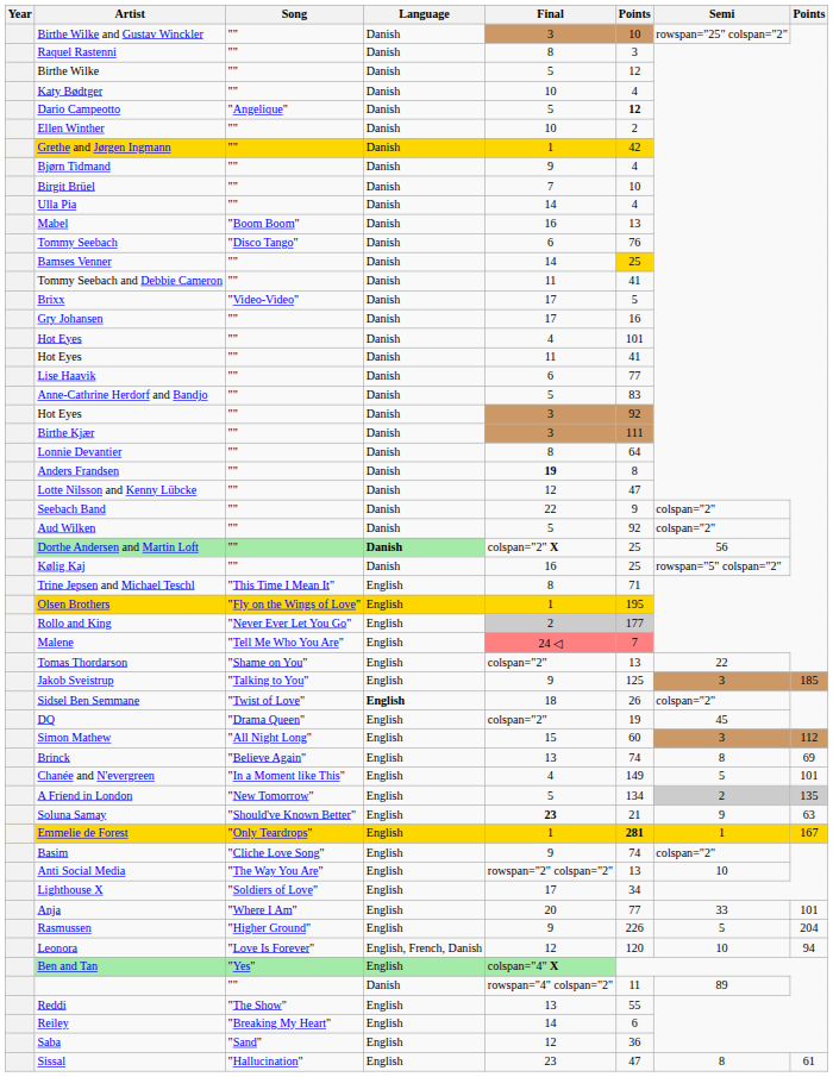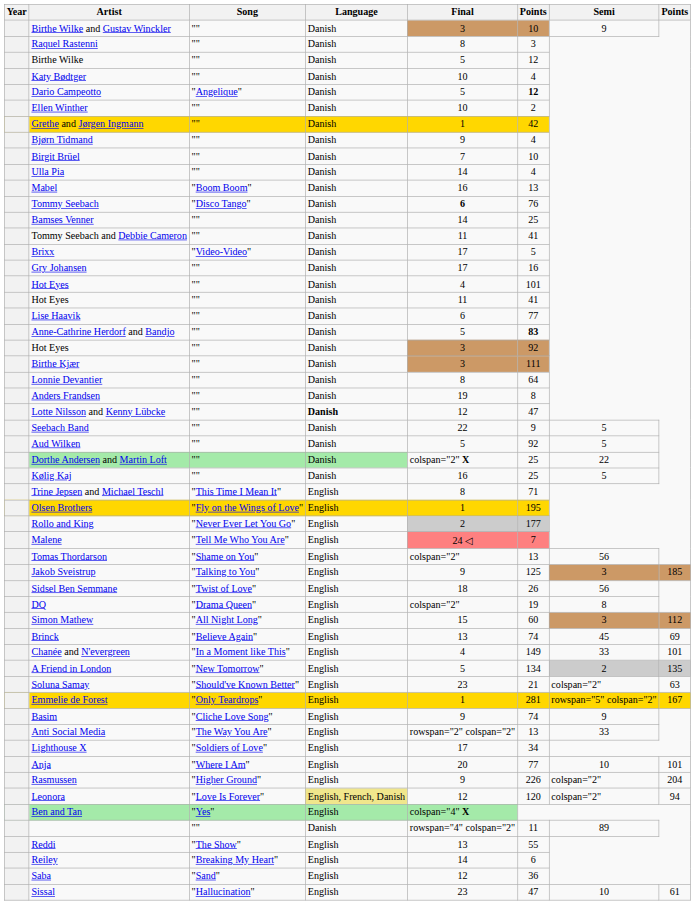 <table class="wikitable sortable plainrowheaders">
 <tr>
 <th scope="col">Year</th>
 <th scope="col">Artist</th>
 <th scope="col">Song</th>
 <th scope="col">Language</th>
 <th scope="col" data-sort-type="number">Final</th>
 <th scope="col" data-sort-type="number">Points</th>
 <th scope="col" data-sort-type="number">Semi</th>
 <th scope="col" data-sort-type="number">Points</th>
 </tr>
 <tr>
 <th scope="row" style="text-align:center;"></th>
 <td><a href='#'>Birthe Wilke</a> and <a href='#'>Gustav Winckler</a></td>
 <td>""</td>
 <td>Danish</td>
 <td style="text-align:center; background-color:#C96;">3</td>
 <td style="text-align:center; background-color:#C96;">10</td>
-<td>rowspan="25" colspan="2" </td>
+<td style="text-align:center;">9</td>
 </tr>
 <tr>
 <th scope="row" style="text-align:center;"></th>
 <td><a href='#'>Raquel Rastenni</a></td>
 <td>""</td>
 <td>Danish</td>
 <td style="text-align:center;">8</td>
 <td style="text-align:center;">3</td>
 </tr>
 <tr>
 <th scope="row" style="text-align:center;"></th>
 <td>Birthe Wilke</td>
 <td>""</td>
 <td>Danish</td>
 <td style="text-align:center;">5</td>
 <td style="text-align:center;">12</td>
 </tr>
 <tr>
 <th scope="row" style="text-align:center;"></th>
 <td><a href='#'>Katy Bødtger</a></td>
 <td>""</td>
 <td>Danish</td>
 <td style="text-align:center;">10</td>
 <td style="text-align:center;">4</td>
 </tr>
 <tr>
 <th scope="row" style="text-align:center;"></th>
 <td><a href='#'>Dario Campeotto</a></td>
 <td>"<a href='#'>Angelique</a>"</td>
 <td>Danish</td>
 <td style="text-align:center;">5</td>
 <td style="text-align:center;"><strong>12</strong></td>
 </tr>
 <tr>
 <th scope="row" style="text-align:center;"></th>
 <td><a href='#'>Ellen Winther</a></td>
 <td>""</td>
 <td>Danish</td>
 <td style="text-align:center;">10</td>
 <td style="text-align:center;">2</td>
 </tr>
 <tr style="background-color:#FFD700;">
 <th scope="row" style="text-align:center;"></th>
 <td><a href='#'>Grethe</a> and <a href='#'>Jørgen Ingmann</a></td>
 <td>""</td>
 <td>Danish</td>
 <td style="text-align:center;">1</td>
 <td style="text-align:center;">42</td>
 </tr>
 <tr>
 <th scope="row" style="text-align:center;"></th>
 <td><a href='#'>Bjørn Tidmand</a></td>
 <td>""</td>
 <td>Danish</td>
 <td style="text-align:center;">9</td>
 <td style="text-align:center;">4</td>
 </tr>
 <tr>
 <th scope="row" style="text-align:center;"></th>
 <td><a href='#'>Birgit Brüel</a></td>
 <td>""</td>
 <td>Danish</td>
 <td style="text-align:center;">7</td>
 <td style="text-align:center;">10</td>
 </tr>
 <tr>
 <th scope="row" style="text-align:center;"></th>
 <td><a href='#'>Ulla Pia</a></td>
 <td>"<span>"</span></td>
 <td>Danish</td>
 <td style="text-align:center;">14</td>
 <td style="text-align:center;">4</td>
 </tr>
 <tr>
 <th scope="row" style="text-align:center;"></th>
 <td><a href='#'>Mabel</a></td>
 <td>"<a href='#'>Boom Boom</a>"</td>
 <td>Danish</td>
 <td style="text-align:center;">16</td>
 <td style="text-align:center;">13</td>
 </tr>
 <tr>
 <th scope="row" style="text-align:center;"></th>
 <td><a href='#'>Tommy Seebach</a></td>
 <td>"<a href='#'>Disco Tango</a>"</td>
 <td>Danish</td>
-<td style="text-align:center;">6</td>
+<td style="text-align:center;"><strong>6</strong></td>
 <td style="text-align:center;">76</td>
 </tr>
 <tr>
 <th scope="row" style="text-align:center;"></th>
 <td><a href='#'>Bamses Venner</a></td>
 <td>""</td>
 <td>Danish</td>
 <td style="text-align:center;">14</td>
-<td style="background: gold; text-align:center;">25</td>
+<td style="text-align:center;">25</td>
 </tr>
 <tr>
 <th scope="row" style="text-align:center;"></th>
 <td>Tommy Seebach and <a href='#'>Debbie Cameron</a></td>
 <td>""</td>
 <td>Danish</td>
 <td style="text-align:center;">11</td>
 <td style="text-align:center;">41</td>
 </tr>
 <tr>
 <th scope="row" style="text-align:center;"></th>
 <td><a href='#'>Brixx</a></td>
 <td>"<a href='#'>Video-Video</a>"</td>
 <td>Danish</td>
 <td style="text-align:center;">17</td>
 <td style="text-align:center;">5</td>
 </tr>
 <tr>
 <th scope="row" style="text-align:center;"></th>
 <td><a href='#'>Gry Johansen</a></td>
 <td>""</td>
 <td>Danish</td>
 <td style="text-align:center;">17</td>
 <td style="text-align:center;">16</td>
 </tr>
 <tr>
 <th scope="row" style="text-align:center;"></th>
 <td><a href='#'>Hot Eyes</a></td>
 <td>""</td>
 <td>Danish</td>
 <td style="text-align:center;">4</td>
 <td style="text-align:center;">101</td>
 </tr>
 <tr>
 <th scope="row" style="text-align:center;"></th>
 <td>Hot Eyes</td>
 <td>""</td>
 <td>Danish</td>
 <td style="text-align:center;">11</td>
 <td style="text-align:center;">41</td>
 </tr>
 <tr>
 <th scope="row" style="text-align:center;"></th>
 <td><a href='#'>Lise Haavik</a></td>
 <td>""</td>
 <td>Danish</td>
 <td style="text-align:center;">6</td>
 <td style="text-align:center;">77</td>
 </tr>
 <tr>
 <th scope="row" style="text-align:center;"></th>
 <td><a href='#'>Anne-Cathrine Herdorf</a> and <a href='#'>Bandjo</a></td>
 <td>""</td>
 <td>Danish</td>
 <td style="text-align:center;">5</td>
-<td style="text-align:center;">83</td>
+<td style="text-align:center;"><strong>83</strong></td>
 </tr>
 <tr>
 <th scope="row" style="text-align:center;"></th>
 <td>Hot Eyes</td>
 <td>"<span>"</span></td>
 <td>Danish</td>
 <td style="text-align:center; background-color:#C96;">3</td>
 <td style="text-align:center; background-color:#C96;">92</td>
 </tr>
 <tr>
 <th scope="row" style="text-align:center;"></th>
 <td><a href='#'>Birthe Kjær</a></td>
 <td>""</td>
 <td>Danish</td>
 <td style="text-align:center; background-color:#C96;">3</td>
 <td style="text-align:center; background-color:#C96;">111</td>
 </tr>
 <tr>
 <th scope="row" style="text-align:center;"></th>
 <td><a href='#'>Lonnie Devantier</a></td>
 <td>""</td>
 <td>Danish</td>
 <td style="text-align:center;">8</td>
 <td style="text-align:center;">64</td>
 </tr>
 <tr>
 <th scope="row" style="text-align:center;"></th>
 <td><a href='#'>Anders Frandsen</a></td>
 <td>""</td>
 <td>Danish</td>
-<td style="text-align:center;"><strong>19</strong></td>
+<td style="text-align:center;">19</td>
 <td style="text-align:center;">8</td>
 </tr>
 <tr>
 <th scope="row" style="text-align:center;"></th>
 <td><a href='#'>Lotte Nilsson</a> and <a href='#'>Kenny Lübcke</a></td>
 <td>""</td>
-<td>Danish</td>
+<td><strong>Danish</strong></td>
 <td style="text-align:center;">12</td>
 <td style="text-align:center;">47</td>
 </tr>
 <tr>
 <th scope="row" style="text-align:center;"></th>
 <td><a href='#'>Seebach Band</a></td>
 <td>""</td>
 <td>Danish</td>
 <td style="text-align:center;">22</td>
 <td style="text-align:center;">9</td>
-<td>colspan="2" </td>
+<td style="text-align:center;">5</td>
 </tr>
 <tr>
 <th scope="row" style="text-align:center;"></th>
 <td><a href='#'>Aud Wilken</a></td>
 <td>""</td>
 <td>Danish</td>
 <td style="text-align:center;">5</td>
 <td style="text-align:center;">92</td>
-<td>colspan="2" </td>
+<td style="text-align:center;">5</td>
 </tr>
 <tr>
 <th scope="row" style="text-align:center;"></th>
 <td style="background-color:#A4EAA9;"><a href='#'>Dorthe Andersen</a> and <a href='#'>Martin Loft</a></td>
 <td style="background-color:#A4EAA9;">""</td>
-<td style="background-color:#A4EAA9;"><strong>Danish</strong></td>
+<td style="background-color:#A4EAA9;">Danish</td>
 <td>colspan="2"  <strong>X</strong></td>
 <td style="text-align:center;">25</td>
-<td style="text-align:center;">56</td>
+<td style="text-align:center;">22</td>
 </tr>
 <tr>
 <th scope="row" style="text-align:center;"></th>
 <td><a href='#'>Kølig Kaj</a></td>
 <td>""</td>
 <td>Danish</td>
 <td style="text-align:center;">16</td>
 <td style="text-align:center;">25</td>
-<td>rowspan="5" colspan="2" </td>
+<td style="text-align:center;">5</td>
 </tr>
 <tr>
 <th scope="row" style="text-align:center;"></th>
 <td><a href='#'>Trine Jepsen</a> and <a href='#'>Michael Teschl</a></td>
 <td>"<a href='#'>This Time I Mean It</a>"</td>
 <td>English</td>
 <td style="text-align:center;">8</td>
 <td style="text-align:center;">71</td>
 </tr>
 <tr style="background-color:#FFD700;">
 <th scope="row" style="text-align:center;"></th>
 <td><a href='#'>Olsen Brothers</a></td>
 <td>"<a href='#'>Fly on the Wings of Love</a>"</td>
 <td>English</td>
 <td style="text-align:center;">1</td>
 <td style="text-align:center;">195</td>
 </tr>
 <tr>
 <th scope="row" style="text-align:center;"></th>
 <td><a href='#'>Rollo and King</a></td>
 <td>"<a href='#'>Never Ever Let You Go</a>"</td>
 <td>English</td>
 <td style="text-align:center; background-color:#CCC;">2</td>
 <td style="text-align:center; background-color:#CCC;">177</td>
 </tr>
 <tr>
 <th scope="row" style="text-align:center;"></th>
 <td><a href='#'>Malene</a></td>
 <td>"<a href='#'>Tell Me Who You Are</a>"</td>
 <td>English</td>
 <td style="text-align:center; background-color:#FE8080;">24 ◁</td>
 <td style="text-align:center; background-color:#FE8080;">7</td>
 </tr>
 <tr>
 <th scope="row" style="text-align:center;"></th>
 <td><a href='#'>Tomas Thordarson</a></td>
 <td>"<a href='#'>Shame on You</a>"</td>
 <td>English</td>
 <td>colspan="2" </td>
 <td style="text-align:center;">13</td>
-<td style="text-align:center;">22</td>
+<td style="text-align:center;">56</td>
 </tr>
 <tr>
 <th scope="row" style="text-align:center;"></th>
 <td><a href='#'>Jakob Sveistrup</a></td>
 <td>"<a href='#'>Talking to You</a>"</td>
 <td>English</td>
 <td style="text-align:center;">9</td>
 <td style="text-align:center;">125</td>
 <td style="text-align:center; background-color:#C96;">3</td>
 <td style="text-align:center; background-color:#C96;">185</td>
 </tr>
 <tr>
 <th scope="row" style="text-align:center;"></th>
 <td><a href='#'>Sidsel Ben Semmane</a></td>
 <td>"<a href='#'>Twist of Love</a>"</td>
-<td><strong>English</strong></td>
+<td>English</td>
 <td style="text-align:center;">18</td>
 <td style="text-align:center;">26</td>
-<td>colspan="2" </td>
+<td style="text-align:center;">56</td>
 </tr>
 <tr>
 <th scope="row" style="text-align:center;"></th>
 <td><a href='#'>DQ</a></td>
 <td>"<a href='#'>Drama Queen</a>"</td>
 <td>English</td>
 <td>colspan="2" </td>
 <td style="text-align:center;">19</td>
-<td style="text-align:center;">45</td>
+<td style="text-align:center;">8</td>
 </tr>
 <tr>
 <th scope="row" style="text-align:center;"></th>
 <td><a href='#'>Simon Mathew</a></td>
 <td>"<a href='#'>All Night Long</a>"</td>
 <td>English</td>
 <td style="text-align:center;">15</td>
 <td style="text-align:center;">60</td>
 <td style="text-align:center; background-color:#C96;">3</td>
 <td style="text-align:center; background-color:#C96;">112</td>
 </tr>
 <tr>
 <th scope="row" style="text-align:center;"></th>
 <td><a href='#'>Brinck</a></td>
 <td>"<a href='#'>Believe Again</a>"</td>
 <td>English</td>
 <td style="text-align:center;">13</td>
 <td style="text-align:center;">74</td>
-<td style="text-align:center;">8</td>
+<td style="text-align:center;">45</td>
 <td style="text-align:center;">69</td>
 </tr>
 <tr>
 <th scope="row" style="text-align:center;"></th>
 <td><a href='#'>Chanée</a> and <a href='#'>N'evergreen</a></td>
 <td>"<a href='#'>In a Moment like This</a>"</td>
 <td>English</td>
 <td style="text-align:center;">4</td>
 <td style="text-align:center;">149</td>
-<td style="text-align:center;">5</td>
+<td style="text-align:center;">33</td>
 <td style="text-align:center;">101</td>
 </tr>
 <tr>
 <th scope="row" style="text-align:center;"></th>
 <td><a href='#'>A Friend in London</a></td>
 <td>"<a href='#'>New Tomorrow</a>"</td>
 <td>English</td>
 <td style="text-align:center;">5</td>
 <td style="text-align:center;">134</td>
 <td style="text-align:center; background-color:#CCC;">2</td>
 <td style="text-align:center; background-color:#CCC;">135</td>
 </tr>
 <tr>
 <th scope="row" style="text-align:center;"></th>
 <td><a href='#'>Soluna Samay</a></td>
 <td>"<a href='#'>Should've Known Better</a>"</td>
 <td>English</td>
-<td style="text-align:center;"><strong>23</strong></td>
+<td style="text-align:center;">23</td>
 <td style="text-align:center;">21</td>
-<td style="text-align:center;">9</td>
+<td>colspan="2" </td>
 <td style="text-align:center;">63</td>
 </tr>
 <tr style="background-color:#FFD700;">
 <th scope="row" style="text-align:center;"></th>
 <td><a href='#'>Emmelie de Forest</a></td>
 <td>"<a href='#'>Only Teardrops</a>"</td>
 <td>English</td>
 <td style="text-align:center;">1</td>
-<td style="text-align:center;"><strong>281</strong></td>
-<td style="text-align:center;">1</td>
+<td style="text-align:center;">281</td>
+<td>rowspan="5" colspan="2" </td>
 <td style="text-align:center;">167</td>
 </tr>
 <tr>
 <th scope="row" style="text-align:center;"></th>
 <td><a href='#'>Basim</a></td>
 <td>"<a href='#'>Cliche Love Song</a>"</td>
 <td>English</td>
 <td style="text-align:center;">9</td>
 <td style="text-align:center;">74</td>
-<td>colspan="2" </td>
+<td style="text-align:center;">9</td>
 </tr>
 <tr>
 <th scope="row" style="text-align:center;"></th>
 <td><a href='#'>Anti Social Media</a></td>
 <td>"<a href='#'>The Way You Are</a>"</td>
 <td>English</td>
 <td>rowspan="2" colspan="2" </td>
 <td style="text-align:center;">13</td>
-<td style="text-align:center;">10</td>
+<td style="text-align:center;">33</td>
 </tr>
 <tr>
 <th scope="row" style="text-align:center;"></th>
 <td><a href='#'>Lighthouse X</a></td>
 <td>"<a href='#'>Soldiers of Love</a>"</td>
 <td>English</td>
 <td style="text-align:center;">17</td>
 <td style="text-align:center;">34</td>
 </tr>
 <tr>
 <th scope="row" style="text-align:center;"></th>
 <td><a href='#'>Anja</a></td>
 <td>"<a href='#'>Where I Am</a>"</td>
 <td>English</td>
 <td style="text-align:center;">20</td>
 <td style="text-align:center;">77</td>
-<td style="text-align:center;">33</td>
+<td style="text-align:center;">10</td>
 <td style="text-align:center;">101</td>
 </tr>
 <tr>
 <th scope="row" style="text-align:center;"></th>
 <td><a href='#'>Rasmussen</a></td>
 <td>"<a href='#'>Higher Ground</a>"</td>
 <td>English</td>
 <td style="text-align:center;">9</td>
 <td style="text-align:center;">226</td>
-<td style="text-align:center;">5</td>
+<td>colspan="2" </td>
 <td style="text-align:center;">204</td>
 </tr>
 <tr>
 <th scope="row" style="text-align:center;"></th>
 <td><a href='#'>Leonora</a></td>
 <td>"<a href='#'>Love Is Forever</a>"</td>
-<td>English, French, Danish</td>
+<td style="background: khaki;">English, French, Danish</td>
 <td style="text-align:center;">12</td>
 <td style="text-align:center;">120</td>
-<td style="text-align:center;">10</td>
+<td>colspan="2" </td>
 <td style="text-align:center;">94</td>
 </tr>
 <tr style="background-color:#A4EAA9;">
 <th scope="row" style="text-align:center;"></th>
 <td><a href='#'>Ben and Tan</a></td>
 <td>"<a href='#'>Yes</a>"</td>
 <td>English</td>
 <td>colspan="4"  <strong>X</strong></td>
 </tr>
 <tr>
 <th scope="row" style="text-align:center;"></th>
 <td></td>
 <td>""</td>
 <td>Danish</td>
 <td>rowspan="4" colspan="2" </td>
 <td style="text-align:center;">11</td>
 <td style="text-align:center;">89</td>
 </tr>
 <tr>
 <th scope="row" style="text-align:center;"></th>
 <td><a href='#'>Reddi</a></td>
 <td>"<a href='#'>The Show</a>"</td>
 <td>English</td>
 <td style="text-align:center;">13</td>
 <td style="text-align:center;">55</td>
 </tr>
 <tr>
 <th scope="row" style="text-align:center;"></th>
 <td><a href='#'>Reiley</a></td>
 <td>"<a href='#'>Breaking My Heart</a>"</td>
 <td>English</td>
 <td style="text-align:center;">14</td>
 <td style="text-align:center;">6</td>
 </tr>
 <tr>
 <th scope="row" style="text-align:center;"></th>
 <td><a href='#'>Saba</a></td>
 <td>"<a href='#'>Sand</a>"</td>
 <td>English</td>
 <td style="text-align:center;">12</td>
 <td style="text-align:center;">36</td>
 </tr>
 <tr>
 <th scope="row" style="text-align:center;"></th>
 <td><a href='#'>Sissal</a></td>
 <td>"<a href='#'>Hallucination</a>"</td>
 <td>English</td>
 <td style="text-align:center;">23</td>
 <td style="text-align:center;">47</td>
-<td style="text-align:center;">8</td>
+<td style="text-align:center;">10</td>
 <td style="text-align:center;">61</td>
 </tr>
 </table>
